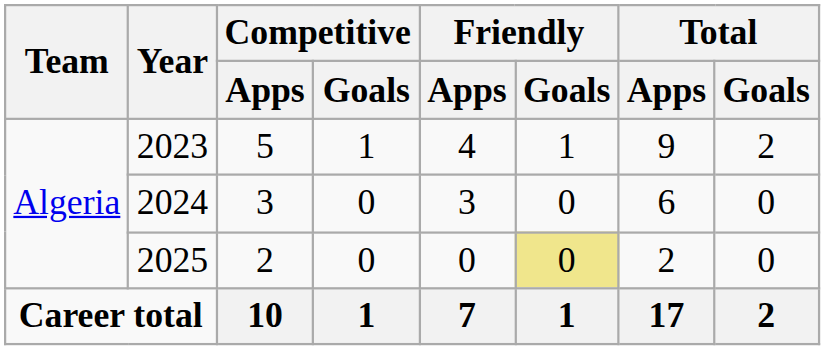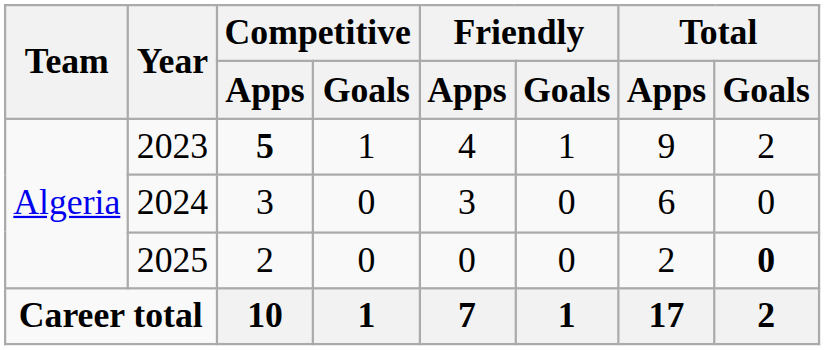 <table class="wikitable" style="text-align: center;">
 <tr>
 <th rowspan="2">Team</th>
 <th rowspan="2">Year</th>
 <th colspan="2">Competitive</th>
 <th colspan="2">Friendly</th>
 <th colspan="2">Total</th>
 </tr>
 <tr>
 <th>Apps</th>
 <th>Goals</th>
 <th>Apps</th>
 <th>Goals</th>
 <th>Apps</th>
 <th>Goals</th>
 </tr>
 <tr>
 <td rowspan="3"><a href='#'>Algeria</a></td>
 <td>2023</td>
-<td>5</td>
+<td><strong>5</strong></td>
 <td>1</td>
 <td>4</td>
 <td>1</td>
 <td>9</td>
 <td>2</td>
 </tr>
 <tr>
 <td>2024</td>
 <td>3</td>
 <td>0</td>
 <td>3</td>
 <td>0</td>
 <td>6</td>
 <td>0</td>
 </tr>
 <tr>
 <td>2025</td>
 <td>2</td>
 <td>0</td>
 <td>0</td>
-<td style="background: khaki;">0</td>
+<td>0</td>
 <td>2</td>
-<td>0</td>
+<td><strong>0</strong></td>
 </tr>
 <tr>
 <td colspan="2"><strong>Career total</strong></td>
 <th>10</th>
 <th>1</th>
 <th>7</th>
 <th>1</th>
 <th>17</th>
 <th>2</th>
 </tr>
 </table>
